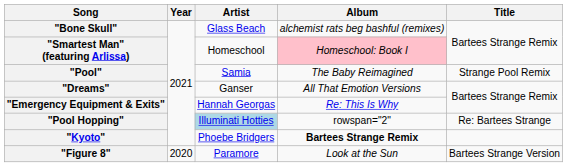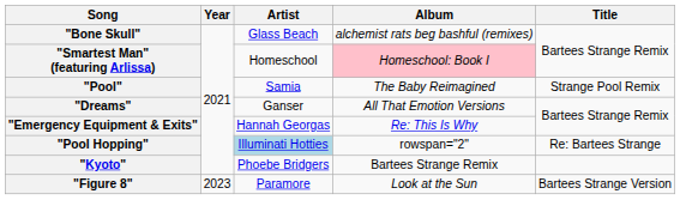 <table class="wikitable plainrowheaders" style="text-align:center">
 <tr>
 <th scope="col">Song</th>
 <th scope="col">Year</th>
 <th scope="col">Artist</th>
 <th scope="col">Album</th>
 <th scope="col">Title</th>
 </tr>
 <tr>
 <th scope="row">"Bone Skull"</th>
 <td rowspan="7">2021</td>
 <td><a href='#'>Glass Beach</a></td>
 <td><em>alchemist rats beg bashful (remixes)</em></td>
 <td rowspan="2">Bartees Strange Remix</td>
 </tr>
 <tr>
 <th scope="row">"Smartest Man"<br>(featuring <a href='#'>Arlissa</a>)</th>
 <td>Homeschool</td>
 <td style="background: pink;"><em>Homeschool: Book I</em></td>
 </tr>
 <tr>
 <th scope="row">"Pool"</th>
 <td><a href='#'>Samia</a></td>
 <td><em>The Baby Reimagined</em></td>
 <td>Strange Pool Remix</td>
 </tr>
 <tr>
 <th scope="row">"Dreams"</th>
 <td>Ganser</td>
 <td><em>All That Emotion Versions</em></td>
 <td rowspan="2">Bartees Strange Remix</td>
 </tr>
 <tr>
 <th scope="row">"Emergency Equipment & Exits"</th>
 <td><a href='#'>Hannah Georgas</a></td>
 <td><em><a href='#'>Re: This Is Why</a></em></td>
 </tr>
 <tr>
 <th scope="row">"Pool Hopping"</th>
 <td style="background: lightblue;"><a href='#'>Illuminati Hotties</a></td>
 <td>rowspan="2" </td>
 <td>Re: Bartees Strange</td>
 </tr>
 <tr>
 <th scope="row">"<a href='#'>Kyoto</a>"</th>
 <td><a href='#'>Phoebe Bridgers</a></td>
-<td><strong>Bartees Strange Remix</strong></td>
+<td>Bartees Strange Remix</td>
 </tr>
 <tr>
 <th scope="row">"Figure 8"</th>
-<td>2020</td>
+<td>2023</td>
 <td><a href='#'>Paramore</a></td>
 <td><em>Look at the Sun</em></td>
 <td>Bartees Strange Version</td>
 </tr>
 </table>
